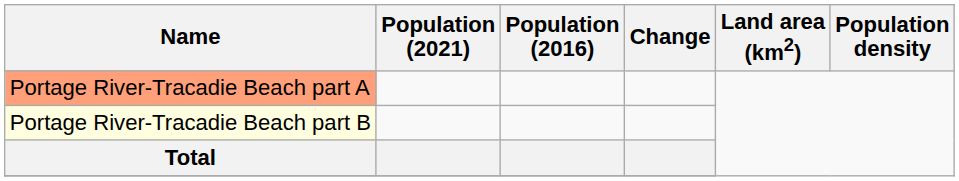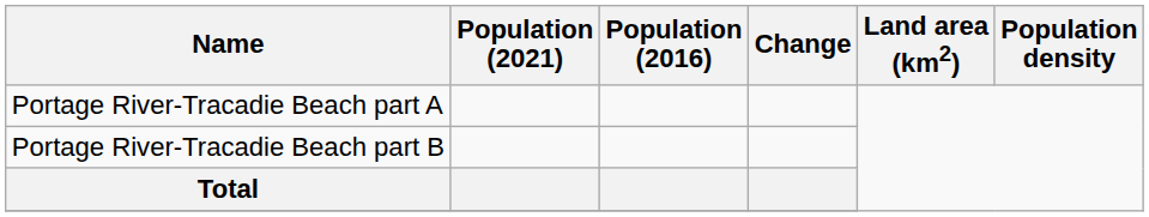 <table class="wikitable sortable collapsible">
 <tr>
 <th scope="col">Name</th>
 <th scope="col">Population<br>(2021)</th>
 <th scope="col">Population<br>(2016)</th>
 <th scope="col">Change</th>
 <th scope="col">Land area<br>(km<sup>2</sup>)</th>
 <th scope="col">Population<br>density</th>
 </tr>
 <tr>
-<td scope="row" style="background: lightsalmon;">Portage River-Tracadie Beach part A </td>
+<td scope="row">Portage River-Tracadie Beach part A </td>
 <td></td>
 <td align=center></td>
 <td align=center></td>
 </tr>
 <tr>
-<td scope="row" style="background: lightyellow;">Portage River-Tracadie Beach part B </td>
+<td scope="row">Portage River-Tracadie Beach part B </td>
 <td></td>
 <td align=center></td>
 <td align=center></td>
 </tr>
 <tr class="sortbottom" align="center" style="background: #f2f2f2;">
 <td><strong>Total</strong></td>
 <td></td>
 <td align=center><strong></strong></td>
 <td><strong></strong></td>
 </tr>
 <tr>
 </tr>
 </table>
